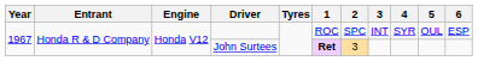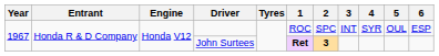 <table class="wikitable" style="text-align:center; font-size:90%">
 <tr>
 <th>Year</th>
 <th>Entrant</th>
 <th>Engine</th>
 <th>Driver</th>
 <th>Tyres</th>
 <th>1</th>
 <th>2</th>
 <th>3</th>
 <th>4</th>
 <th>5</th>
 <th>6</th>
 </tr>
 <tr>
 <td rowspan=2><a href='#'>1967</a></td>
 <td rowspan=2><a href='#'>Honda R & D Company</a></td>
 <td rowspan=2><a href='#'>Honda</a> <a href='#'>V12</a></td>
 <td></td>
 <td rowspan=2></td>
 <td><a href='#'>ROC</a></td>
 <td><a href='#'>SPC</a></td>
 <td><a href='#'>INT</a></td>
 <td><a href='#'>SYR</a></td>
 <td><a href='#'>OUL</a></td>
 <td><a href='#'>ESP</a></td>
 </tr>
 <tr>
 <td align="left"><a href='#'>John Surtees</a></td>
 <td style="background:#EFCFFF;"><strong>Ret</strong></td>
-<td style="background:#FFDF9F;">3</td>
+<td style="background:#FFDF9F;"><strong>3</strong></td>
 <td></td>
 <td></td>
 <td></td>
 <td></td>
 </tr>
 </table>
